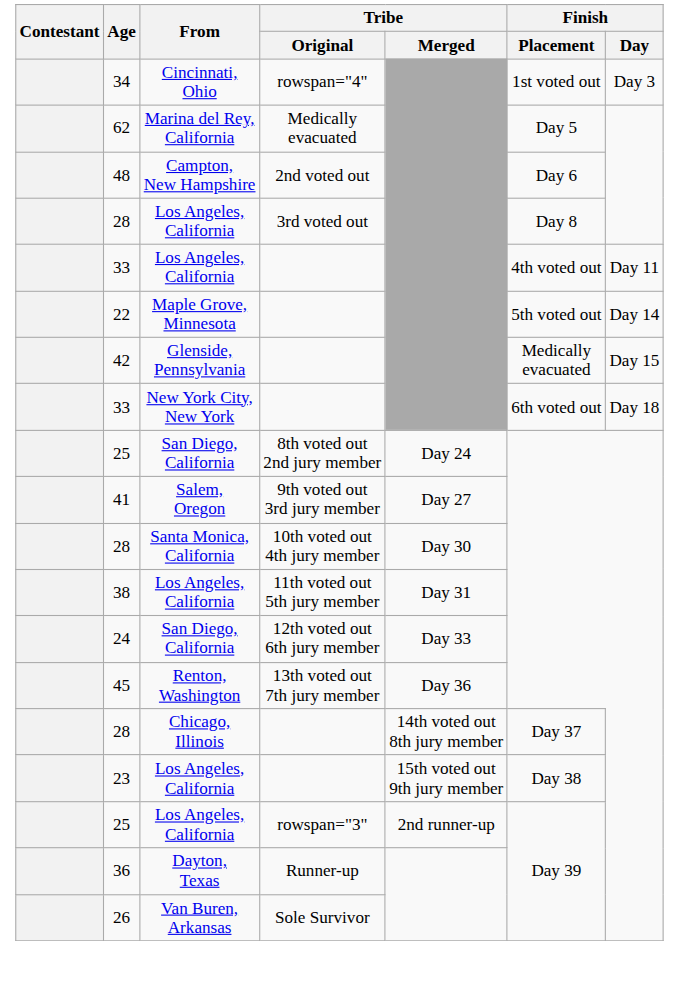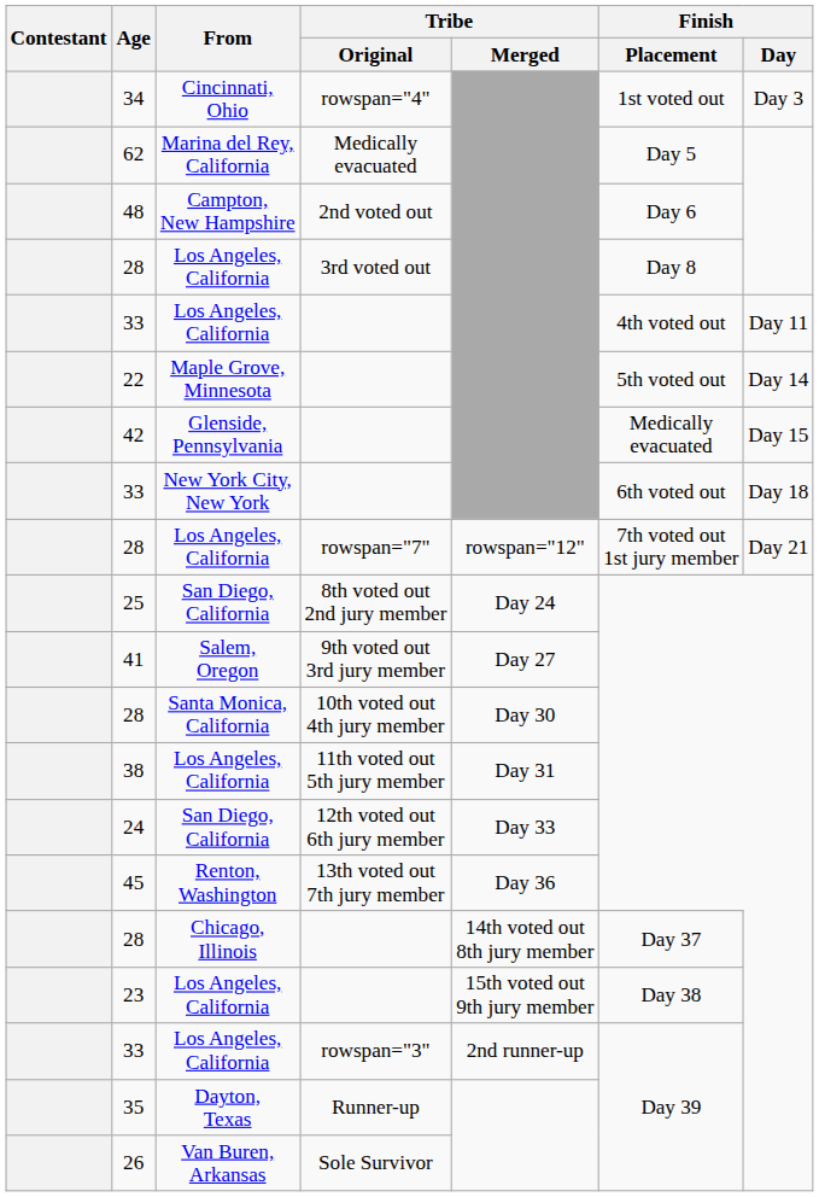 <table class="wikitable sortable" style="margin:auto; text-align:center">
 <tr>
 <th rowspan="2" scope="col">Contestant</th>
 <th rowspan="2" scope="col">Age</th>
 <th rowspan="2" scope="col" class=unsortable>From</th>
 <th colspan="2" scope="colgroup">Tribe</th>
 <th colspan="2">Finish</th>
 </tr>
 <tr>
 <th scope="col">Original</th>
 <th scope="col" class=unsortable>Merged</th>
 <th scope="col" class=unsortable>Placement</th>
 <th scope="col" class=unsortable>Day</th>
 </tr>
 <tr>
 <th scope="row" style=text-align:left></th>
 <td>34</td>
 <td><a href='#'>Cincinnati,<br>Ohio</a></td>
 <td>rowspan="4" </td>
 <td rowspan="8" bgcolor="darkgray"></td>
 <td>1st voted out</td>
 <td>Day 3</td>
 </tr>
 <tr>
 <th scope="row" style=text-align:left></th>
 <td>62</td>
 <td><a href='#'>Marina del Rey,<br>California</a></td>
 <td>Medically<br>evacuated</td>
 <td>Day 5</td>
 </tr>
 <tr>
 <th scope="row" style=text-align:left></th>
 <td>48</td>
 <td><a href='#'>Campton,<br>New Hampshire</a></td>
 <td>2nd voted out</td>
 <td>Day 6</td>
 </tr>
 <tr>
 <th scope="row" style=text-align:left></th>
 <td>28</td>
 <td><a href='#'>Los Angeles,<br>California</a></td>
 <td>3rd voted out</td>
 <td>Day 8</td>
 </tr>
 <tr>
 <th scope="row" style=text-align:left></th>
 <td>33</td>
 <td><a href='#'>Los Angeles,<br>California</a></td>
 <td></td>
 <td>4th voted out</td>
 <td>Day 11</td>
 </tr>
 <tr>
 <th scope="row" style=text-align:left></th>
 <td>22</td>
 <td><a href='#'>Maple Grove,<br>Minnesota</a></td>
 <td></td>
 <td>5th voted out</td>
 <td>Day 14</td>
 </tr>
 <tr>
 <th scope="row" style=text-align:left></th>
 <td>42</td>
 <td><a href='#'>Glenside,<br>Pennsylvania</a></td>
 <td></td>
 <td>Medically<br>evacuated</td>
 <td>Day 15</td>
 </tr>
 <tr>
 <th scope="row" style=text-align:left></th>
 <td>33</td>
 <td><a href='#'>New York City,<br>New York</a></td>
 <td></td>
 <td>6th voted out</td>
 <td>Day 18</td>
 </tr>
 <tr>
 <th scope="row" style=text-align:left></th>
+<td>28</td>
+<td><a href='#'>Los Angeles,<br>California</a></td>
+<td>rowspan="7" </td>
+<td>rowspan="12" </td>
+<td>7th voted out<br>1st jury member</td>
+<td>Day 21</td>
+</tr>
+<tr>
+<th scope="row" style=text-align:left></th>
 <td>25</td>
 <td><a href='#'>San Diego,<br>California</a></td>
 <td>8th voted out<br>2nd jury member</td>
 <td>Day 24</td>
 </tr>
 <tr>
 <th scope="row" style=text-align:left></th>
 <td>41</td>
 <td><a href='#'>Salem,<br>Oregon</a></td>
 <td>9th voted out<br>3rd jury member</td>
 <td>Day 27</td>
 </tr>
 <tr>
 <th scope="row" style=text-align:left></th>
 <td>28</td>
 <td><a href='#'>Santa Monica,<br>California</a></td>
 <td>10th voted out<br>4th jury member</td>
 <td>Day 30</td>
 </tr>
 <tr>
 <th scope="row" style=text-align:left></th>
 <td>38</td>
 <td><a href='#'>Los Angeles,<br>California</a></td>
 <td>11th voted out<br>5th jury member</td>
 <td>Day 31</td>
 </tr>
 <tr>
 <th scope="row" style=text-align:left></th>
 <td>24</td>
 <td><a href='#'>San Diego,<br>California</a></td>
 <td>12th voted out<br>6th jury member</td>
 <td>Day 33</td>
 </tr>
 <tr>
 <th scope="row" style=text-align:left></th>
 <td>45</td>
 <td><a href='#'>Renton,<br>Washington</a></td>
 <td>13th voted out<br>7th jury member</td>
 <td>Day 36</td>
 </tr>
 <tr>
 <th scope="row" style=text-align:left></th>
 <td>28</td>
 <td><a href='#'>Chicago,<br>Illinois</a></td>
 <td></td>
 <td>14th voted out<br>8th jury member</td>
 <td>Day 37</td>
 </tr>
 <tr>
 <th scope="row" style=text-align:left></th>
 <td>23</td>
 <td><a href='#'>Los Angeles,<br>California</a></td>
 <td></td>
 <td>15th voted out<br>9th jury member</td>
 <td>Day 38</td>
 </tr>
 <tr>
 <th scope="row" style=text-align:left></th>
-<td>25</td>
+<td>33</td>
 <td><a href='#'>Los Angeles,<br>California</a></td>
 <td>rowspan="3" </td>
 <td>2nd runner-up</td>
 <td rowspan="3">Day 39</td>
 </tr>
 <tr>
 <th scope="row" style=text-align:left></th>
-<td>36</td>
+<td>35</td>
 <td><a href='#'>Dayton,<br>Texas</a></td>
 <td>Runner-up</td>
 </tr>
 <tr>
 <th scope="row" style=text-align:left></th>
 <td>26</td>
 <td><a href='#'>Van Buren,<br>Arkansas</a></td>
 <td>Sole Survivor</td>
 </tr>
 </table>
